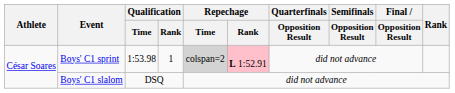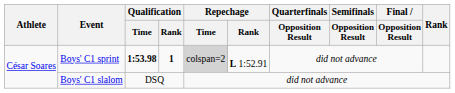 <table class="wikitable" style="font-size:90%">
 <tr>
 <th rowspan=2>Athlete</th>
 <th rowspan=2>Event</th>
 <th colspan=2>Qualification</th>
 <th colspan=2>Repechage</th>
 <th>Quarterfinals</th>
 <th>Semifinals</th>
 <th>Final / </th>
 <th rowspan=2>Rank</th>
 </tr>
 <tr style="font-size:95%">
 <th>Time</th>
 <th>Rank</th>
 <th>Time</th>
 <th>Rank</th>
 <th>Opposition <br>Result</th>
 <th>Opposition <br>Result</th>
 <th>Opposition <br>Result</th>
 </tr>
 <tr align="center">
 <td align="left" rowspan=2><a href='#'>César Soares</a></td>
 <td align="left"><a href='#'>Boys' C1 sprint</a></td>
-<td>1:53.98</td>
-<td>1</td>
+<td><strong>1:53.98</strong></td>
+<td><strong>1</strong></td>
 <td style="background: lightgrey;">colspan=2 </td>
-<td style="background: pink;"><br><strong>L</strong> 1:52.91</td>
+<td><br><strong>L</strong> 1:52.91</td>
 <td colspan=3><em>did not advance</em></td>
 </tr>
 <tr align="center">
 <td align="left"><a href='#'>Boys' C1 slalom</a></td>
 <td colspan=2>DSQ</td>
 <td colspan=6><em>did not advance</em></td>
 </tr>
 </table>
